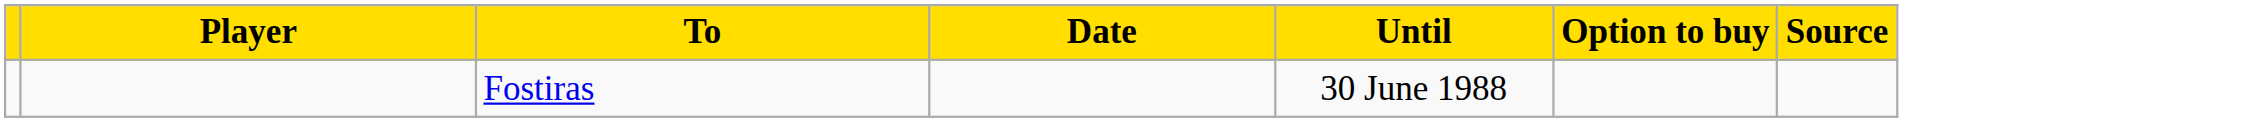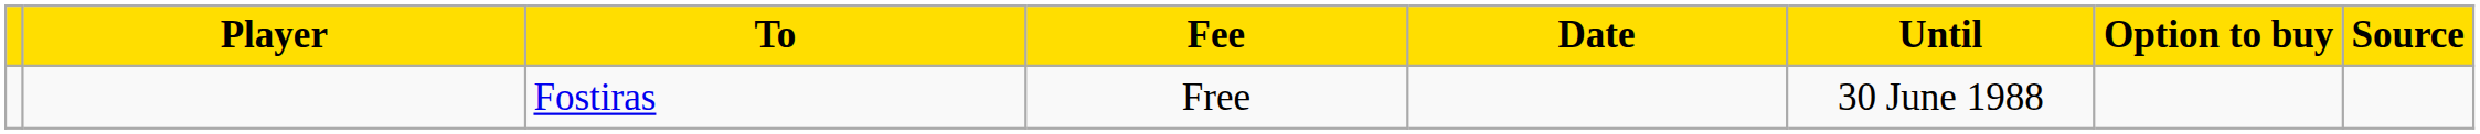 <table class="wikitable sortable">
 <tr>
 <th style="background:#FFDE00"></th>
 <th width=200 style="background:#FFDE00">Player</th>
 <th width=200 style="background:#FFDE00">To</th>
+<th width=150 style="background:#FFDE00">Fee</th>
 <th width=150 style="background:#FFDE00">Date</th>
 <th width=120 style="background:#FFDE00">Until</th>
 <th style="background:#FFDE00">Option to buy</th>
 <th style="background:#FFDE00">Source</th>
 </tr>
 <tr>
 <td align=center></td>
 <td></td>
 <td> <a href='#'>Fostiras</a></td>
+<td align=center>Free</td>
 <td align=center></td>
 <td align=center>30 June 1988</td>
 <td align=center></td>
 <td align=center></td>
 </tr>
 </table>
